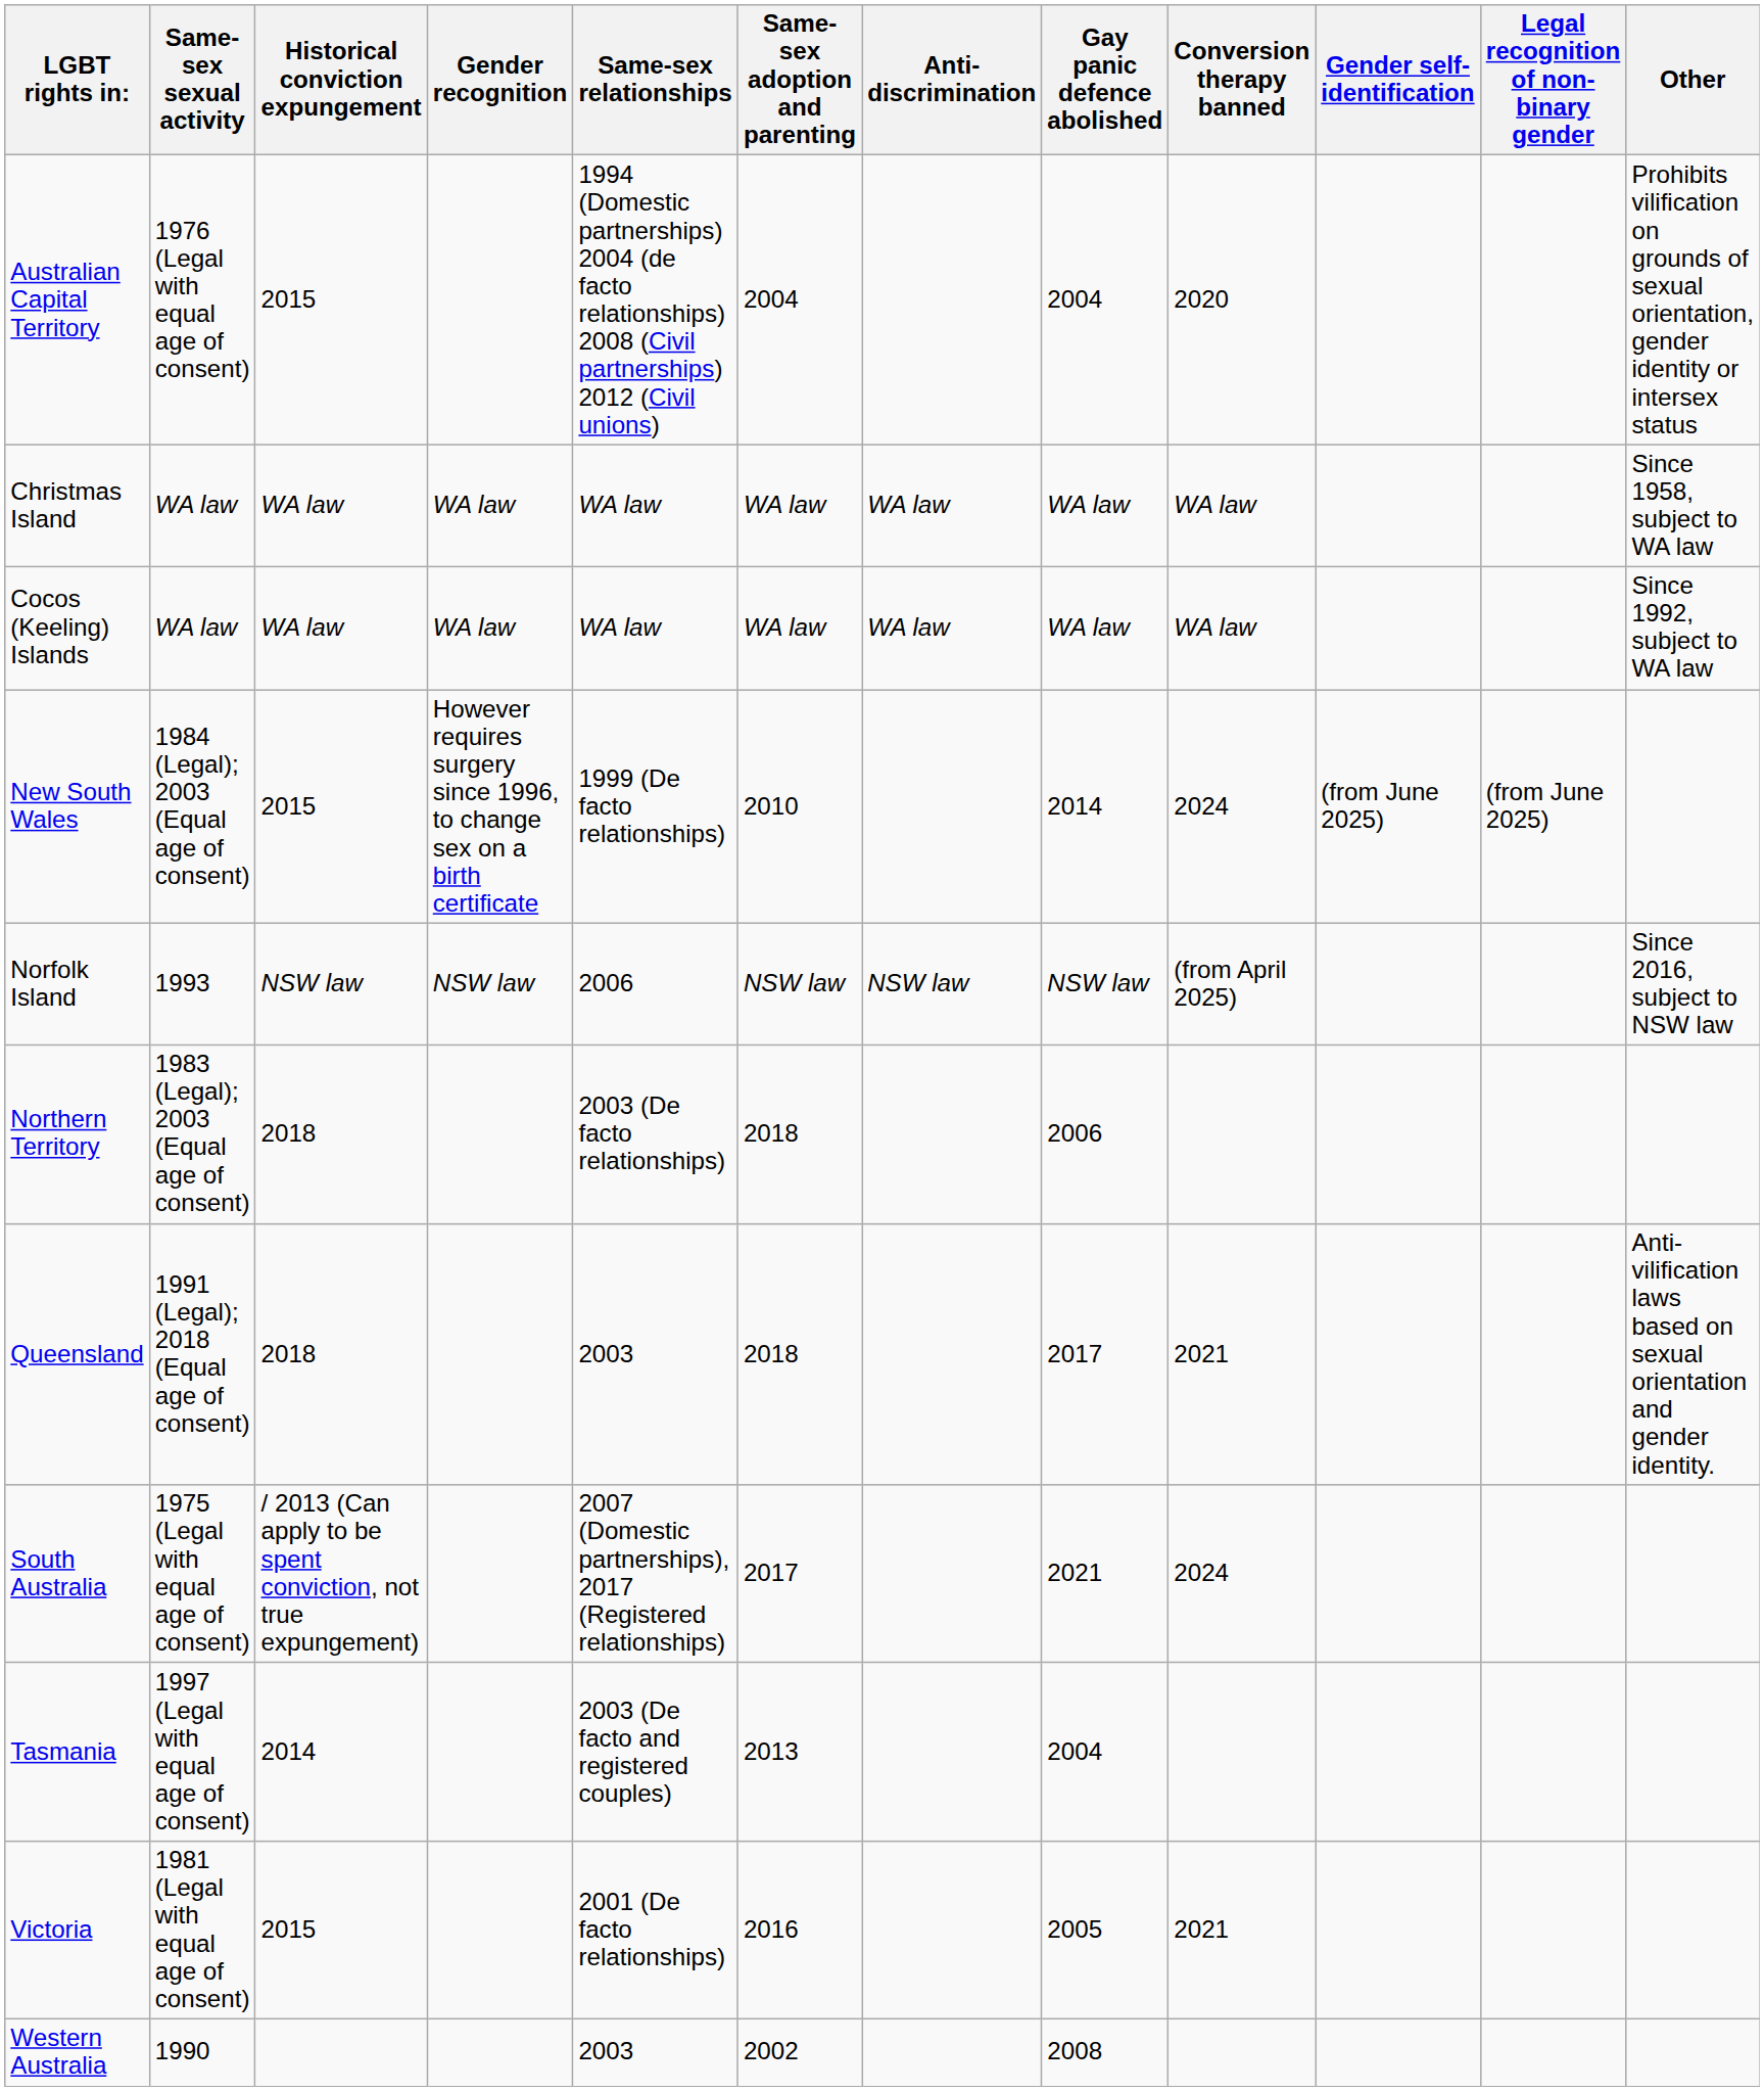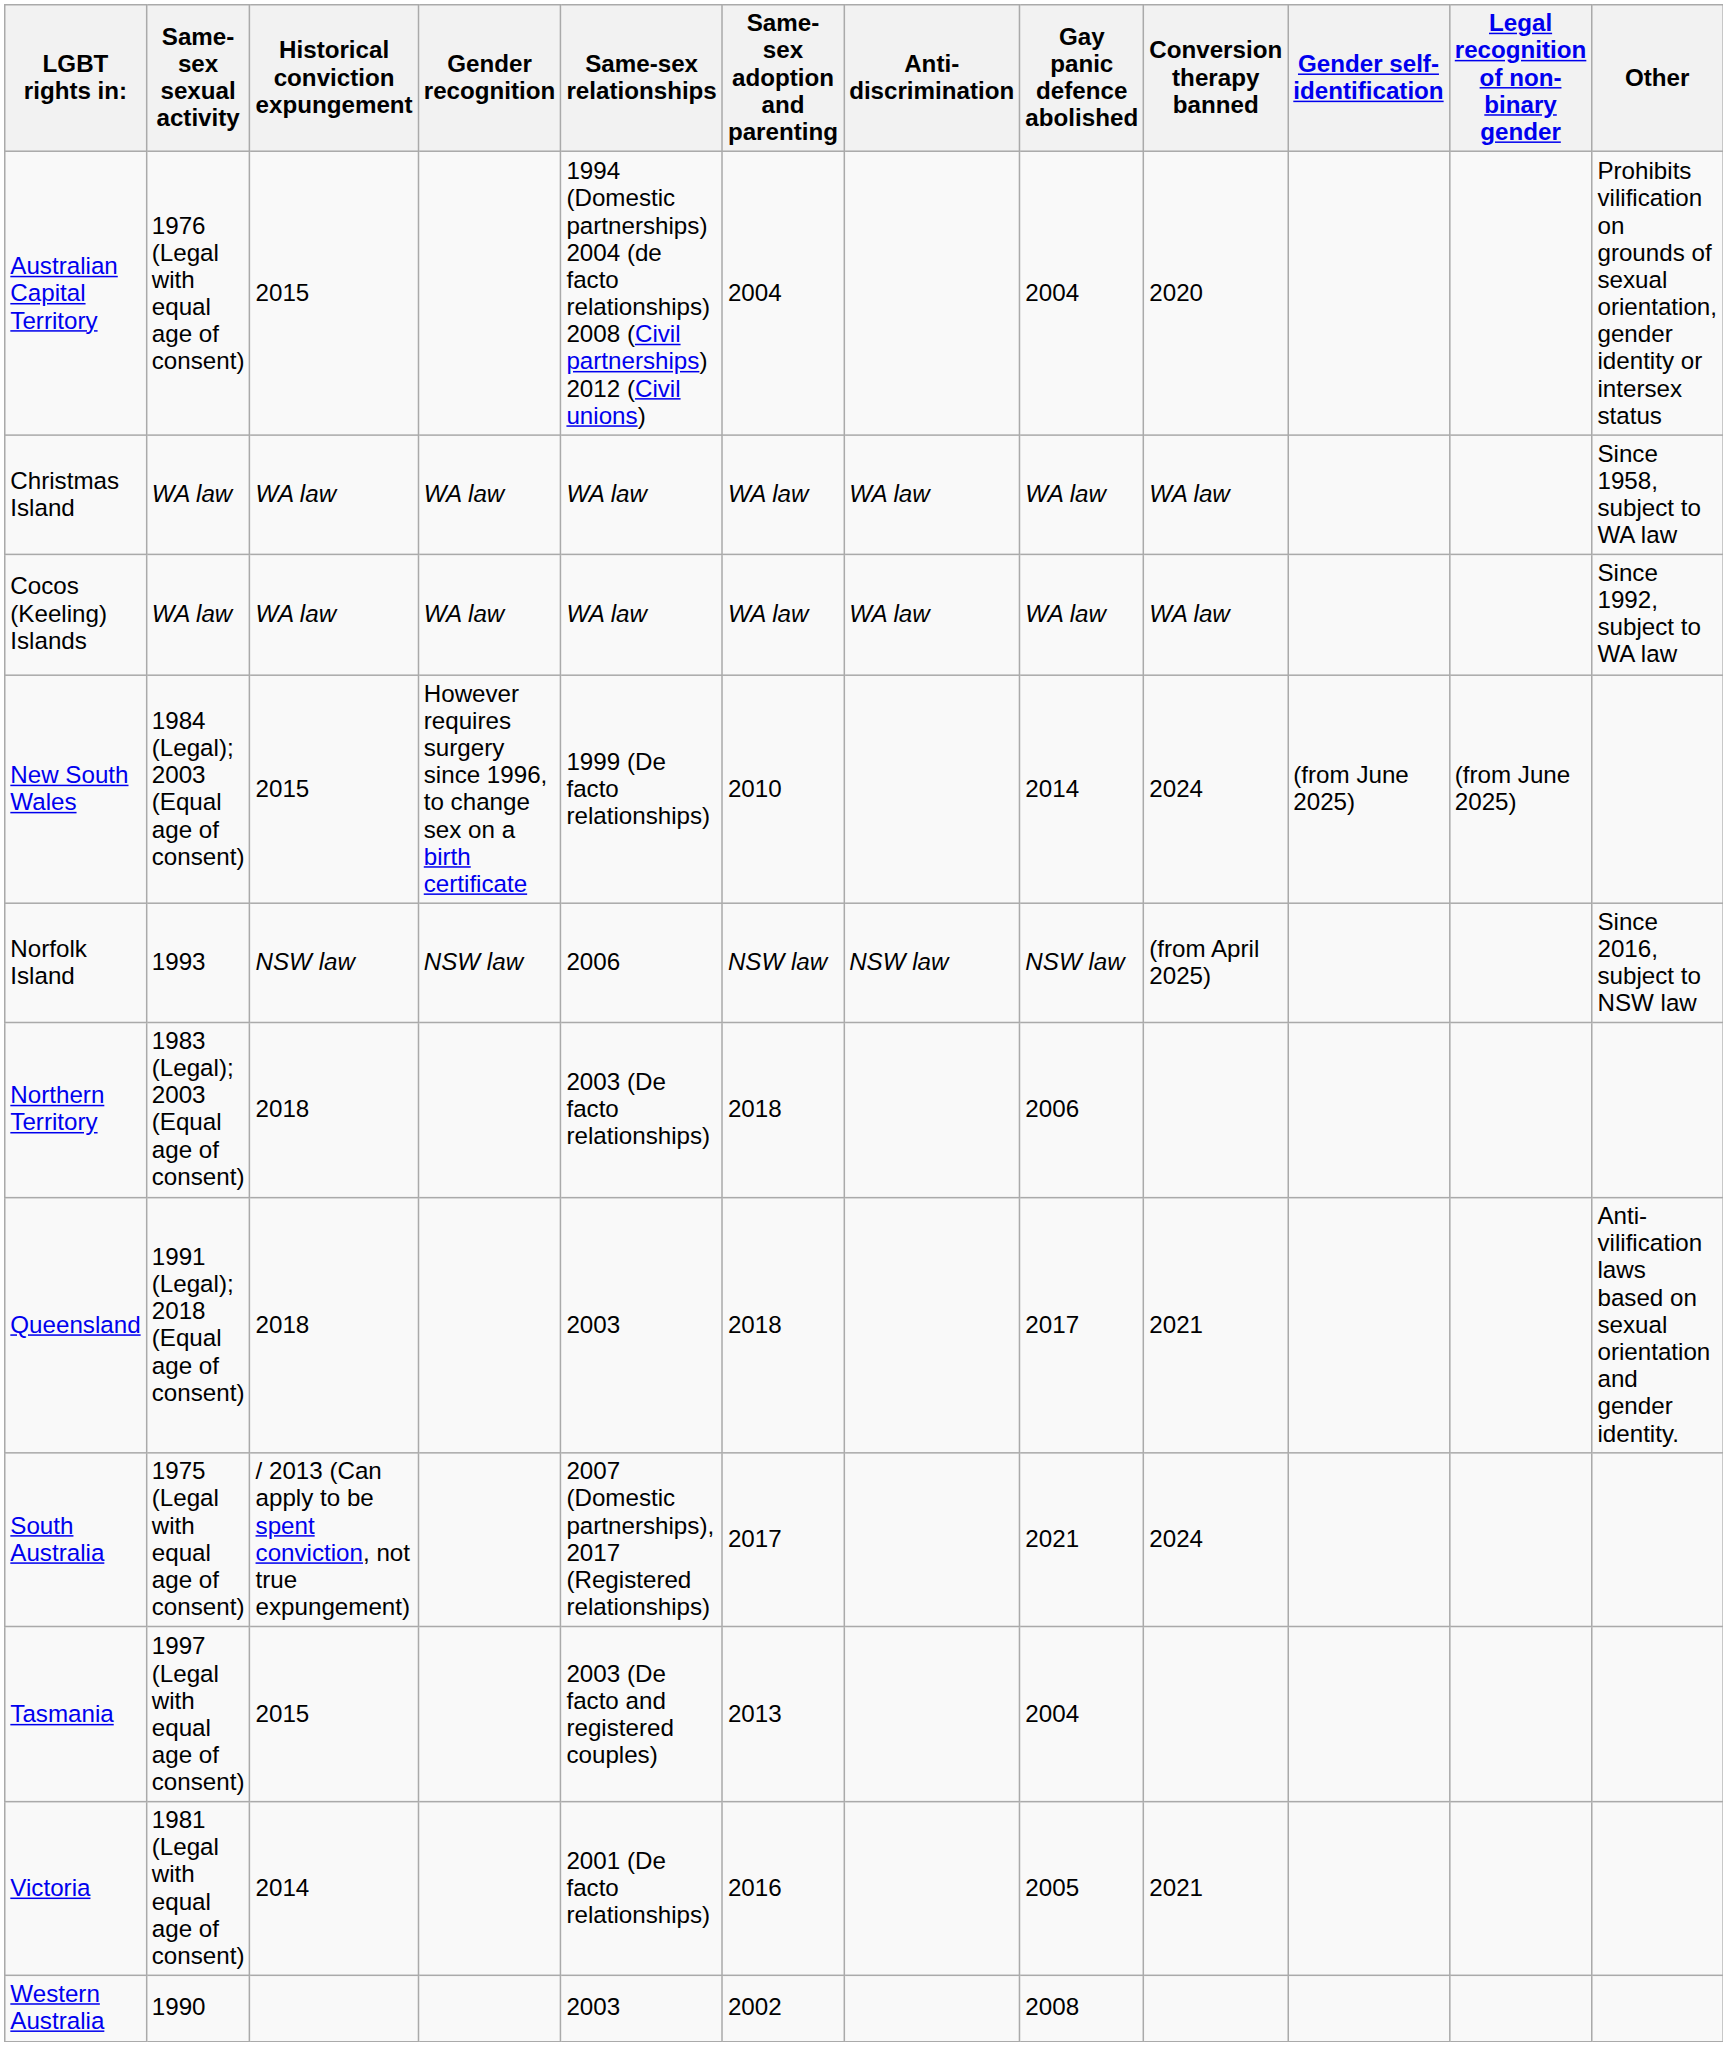 <table class="wikitable">
 <tr align="center">
 <th width="8.33%">LGBT rights in:</th>
 <th width="8.33%">Same-sex sexual activity</th>
 <th width="8.33%">Historical conviction expungement</th>
 <th width="8.33%">Gender recognition</th>
 <th width="8.33%">Same-sex relationships</th>
 <th width="8.33%">Same-sex adoption and parenting</th>
 <th width="8.33%">Anti-discrimination</th>
 <th width="8.33%">Gay panic defence abolished</th>
 <th width="8.33%">Conversion therapy banned</th>
 <th width="8.33%"><a href='#'>Gender self-identification</a></th>
 <th width="8.33%"><a href='#'>Legal recognition of non-binary gender</a></th>
 <th width="8.33%">Other</th>
 </tr>
 <tr>
 <td> <a href='#'>Australian Capital Territory</a></td>
 <td> 1976 (Legal with equal age of consent)</td>
 <td>  2015</td>
 <td> </td>
 <td> 1994 (Domestic partnerships)<br>2004 (de facto relationships)<br>2008 (<a href='#'>Civil partnerships</a>)<br>2012 (<a href='#'>Civil unions</a>)</td>
 <td> 2004</td>
 <td></td>
 <td>  2004</td>
 <td> 2020</td>
 <td></td>
 <td></td>
 <td> Prohibits vilification on grounds of sexual orientation, gender identity or intersex status</td>
 </tr>
 <tr>
 <td> Christmas Island</td>
 <td> <em>WA law</em></td>
 <td>  <em>WA law</em></td>
 <td>  <em>WA law</em></td>
 <td> <em>WA law</em></td>
 <td> <em>WA law</em></td>
 <td> <em>WA law</em></td>
 <td>  <em>WA law</em></td>
 <td>  <em>WA law</em></td>
 <td></td>
 <td></td>
 <td> Since 1958, subject to WA law</td>
 </tr>
 <tr>
 <td> Cocos (Keeling) Islands</td>
 <td> <em>WA law</em></td>
 <td>  <em>WA law</em></td>
 <td>  <em>WA law</em></td>
 <td> <em>WA law</em></td>
 <td> <em>WA law</em></td>
 <td> <em>WA law</em></td>
 <td>  <em>WA law</em></td>
 <td>  <em>WA law</em></td>
 <td></td>
 <td></td>
 <td> Since 1992, subject to WA law</td>
 </tr>
 <tr>
 <td> <a href='#'>New South Wales</a></td>
 <td> 1984 (Legal); 2003 (Equal age of consent)</td>
 <td>  2015</td>
 <td>  However requires surgery since 1996, to change sex on a <a href='#'>birth certificate</a></td>
 <td> 1999 (De facto relationships)</td>
 <td> 2010</td>
 <td> </td>
 <td>  2014</td>
 <td> 2024</td>
 <td> (from June 2025)</td>
 <td> (from June 2025)</td>
 <td></td>
 </tr>
 <tr>
 <td> Norfolk Island</td>
 <td> 1993</td>
 <td>  <em>NSW law</em></td>
 <td>  <em>NSW law</em></td>
 <td> 2006</td>
 <td> <em>NSW law</em></td>
 <td> <em>NSW law</em></td>
 <td>  <em>NSW law</em></td>
 <td>  (from April 2025)</td>
 <td></td>
 <td></td>
 <td> Since 2016, subject to NSW law</td>
 </tr>
 <tr>
 <td> <a href='#'>Northern Territory</a></td>
 <td> 1983 (Legal); 2003 (Equal age of consent)</td>
 <td>  2018</td>
 <td> </td>
 <td> 2003 (De facto relationships)</td>
 <td> 2018</td>
 <td> </td>
 <td>  2006</td>
 <td> </td>
 <td></td>
 <td></td>
 <td></td>
 </tr>
 <tr>
 <td> <a href='#'>Queensland</a></td>
 <td> 1991 (Legal); 2018 (Equal age of consent)</td>
 <td>  2018</td>
 <td> </td>
 <td> 2003</td>
 <td> 2018</td>
 <td></td>
 <td>  2017</td>
 <td> 2021</td>
 <td></td>
 <td></td>
 <td>Anti-vilification laws based on sexual orientation and gender identity.</td>
 </tr>
 <tr>
 <td> <a href='#'>South Australia</a></td>
 <td> 1975 (Legal with equal age of consent)</td>
 <td> / 2013 (Can apply to be <a href='#'>spent conviction</a>, not true expungement)</td>
 <td> </td>
 <td> 2007 (Domestic partnerships), 2017 (Registered relationships)</td>
 <td> 2017</td>
 <td></td>
 <td>  2021</td>
 <td> 2024</td>
 <td></td>
 <td></td>
 <td></td>
 </tr>
 <tr>
 <td> <a href='#'>Tasmania</a></td>
 <td> 1997 (Legal with equal age of consent)</td>
-<td>  2014</td>
+<td>  2015</td>
 <td> </td>
 <td> 2003 (De facto and registered couples)</td>
 <td> 2013</td>
 <td> </td>
 <td>  2004</td>
 <td> </td>
 <td></td>
 <td></td>
 <td></td>
 </tr>
 <tr>
 <td> <a href='#'>Victoria</a></td>
 <td> 1981 (Legal with equal age of consent)</td>
-<td>  2015</td>
+<td>  2014</td>
 <td> </td>
 <td> 2001 (De facto relationships)</td>
 <td> 2016</td>
 <td></td>
 <td>  2005</td>
 <td> 2021</td>
 <td></td>
 <td></td>
 <td></td>
 </tr>
 <tr>
 <td> <a href='#'>Western Australia</a></td>
 <td> 1990</td>
 <td> </td>
 <td> </td>
 <td> 2003</td>
 <td> 2002</td>
 <td></td>
 <td>  2008</td>
 <td></td>
 <td></td>
 <td></td>
 <td></td>
 </tr>
 </table>
